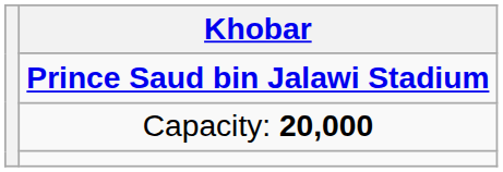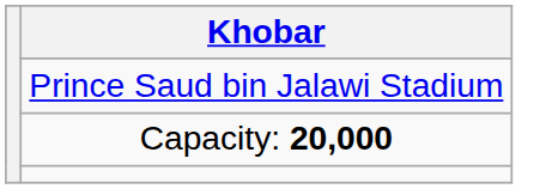 <table class="wikitable" style="text-align:center">
 <tr>
 <th rowspan="4"></th>
 <th><a href='#'>Khobar</a></th>
 </tr>
 <tr>
-<td><strong><a href='#'>Prince Saud bin Jalawi Stadium</a></strong></td>
+<td><a href='#'>Prince Saud bin Jalawi Stadium</a></td>
 </tr>
 <tr>
 <td>Capacity: <strong>20,000</strong></td>
 </tr>
 <tr>
 <td></td>
 </tr>
 </table>
